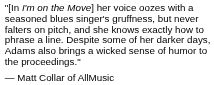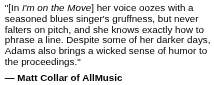 <table class="toccolours" style="float: right; margin-left: 1em; margin-right: 2em; font-size: 85%; background:offwhite; color:black; width:22em; max-width: 40%;" cellspacing="5">
 <tr>
 <td style="text-align: left;">"[In <em>I'm on the Move</em>] her voice oozes with a seasoned blues singer's gruffness, but never falters on pitch, and she knows exactly how to phrase a line. Despite some of her darker days, Adams also brings a wicked sense of humor to the proceedings."</td>
 </tr>
 <tr>
-<td style="text-align: left;">— Matt Collar of AllMusic</td>
+<td style="text-align: left;"><strong>— Matt Collar of AllMusic</strong></td>
 </tr>
 </table>
